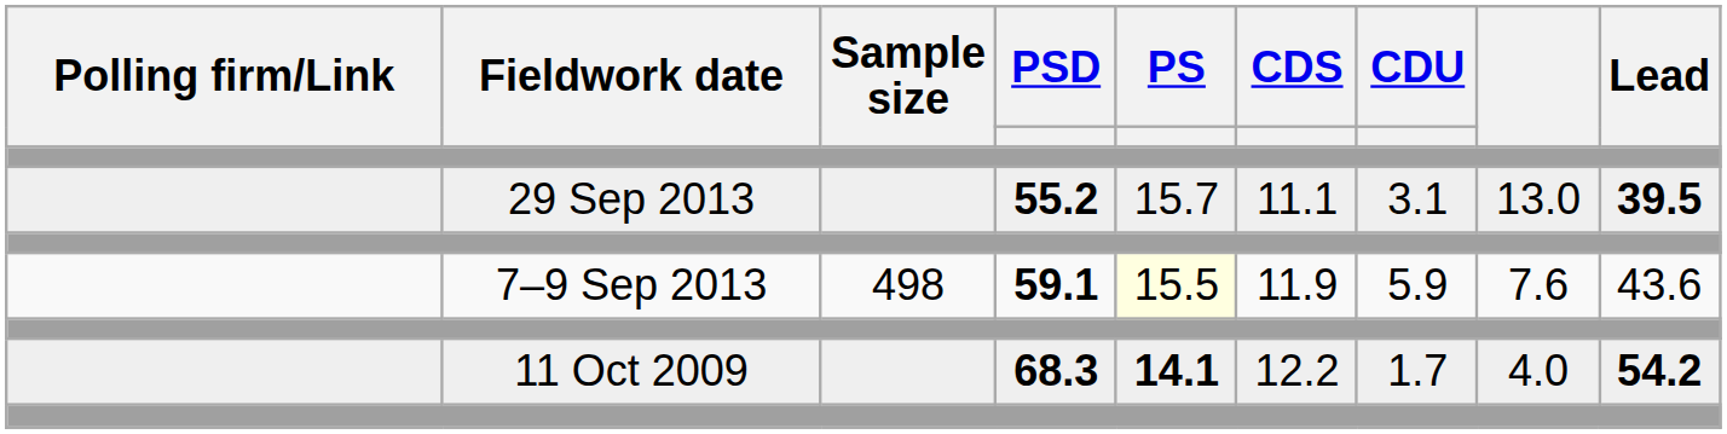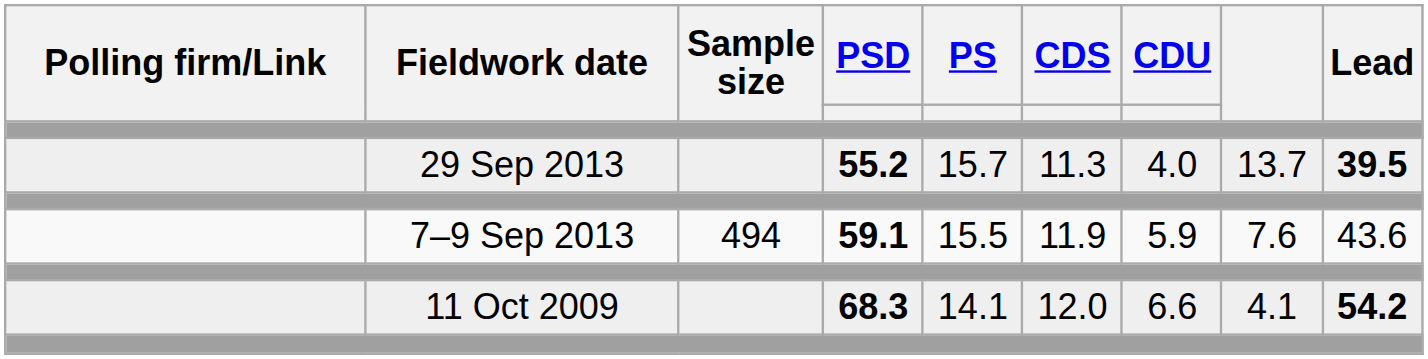 <table class="wikitable collapsible sortable" style="text-align:center; font-size:95%; line-height:16px;">
 <tr style="height:42px;">
 <th style="width:145px;" rowspan="2">Polling firm/Link</th>
 <th style="width:125px;" rowspan="2">Fieldwork date</th>
 <th class="unsortable" style="width:50px;" rowspan="2">Sample size</th>
 <th class="unsortable" style="width:35px;"><a href='#'>PSD</a></th>
 <th class="unsortable" style="width:35px;"><a href='#'>PS</a></th>
 <th class="unsortable" style="width:35px;"><a href='#'>CDS</a></th>
 <th class="unsortable" style="width:35px;"><a href='#'>CDU</a></th>
 <th class="unsortable" style="width:35px;" rowspan="2"></th>
 <th class="unsortable" style="width:30px;" rowspan="2">Lead</th>
 </tr>
 <tr>
 <th class="unsortable" style="color:inherit;background:"></th>
 <th class="unsortable" style="color:inherit;background:"></th>
 <th class="unsortable" style="color:inherit;background:"></th>
 <th class="unsortable" style="color:inherit;background:"></th>
 </tr>
 <tr>
 <td colspan="13" style="background:#A0A0A0"></td>
 </tr>
 <tr style="background:#EFEFEF;">
 <td><strong></strong></td>
 <td data-sort-value="2019-10-06">29 Sep 2013</td>
 <td></td>
 <td><strong>55.2</strong><br></td>
 <td>15.7<br></td>
-<td>11.1<br></td>
-<td>3.1<br></td>
-<td>13.0</td>
+<td>11.3<br></td>
+<td>4.0<br></td>
+<td>13.7</td>
 <td style="background:"><strong>39.5</strong></td>
 </tr>
 <tr>
 <td colspan="13" style="background:#A0A0A0"></td>
 </tr>
 <tr>
 <td align="center"></td>
 <td align="center">7–9 Sep 2013</td>
-<td>498</td>
+<td>494</td>
 <td align="center" ><strong>59.1</strong></td>
-<td align="center" style="background: lightyellow;">15.5</td>
+<td align="center">15.5</td>
 <td align="center">11.9</td>
 <td align="center">5.9</td>
 <td align="center">7.6</td>
 <td style="background:">43.6</td>
 </tr>
 <tr>
 <td colspan="13" style="background:#A0A0A0"></td>
 </tr>
 <tr style="background:#EFEFEF;">
 <td><strong></strong></td>
 <td data-sort-value="2019-10-06">11 Oct 2009</td>
 <td></td>
 <td><strong>68.3</strong><br></td>
-<td><strong>14.1<br></strong></td>
-<td>12.2<br></td>
-<td>1.7<br></td>
-<td>4.0</td>
+<td>14.1<br></td>
+<td>12.0<br></td>
+<td>6.6<br></td>
+<td>4.1</td>
 <td style="background:"><strong>54.2</strong></td>
 </tr>
 <tr>
 <td colspan="13" style="background:#A0A0A0"></td>
 </tr>
 <tr>
 </tr>
 </table>
